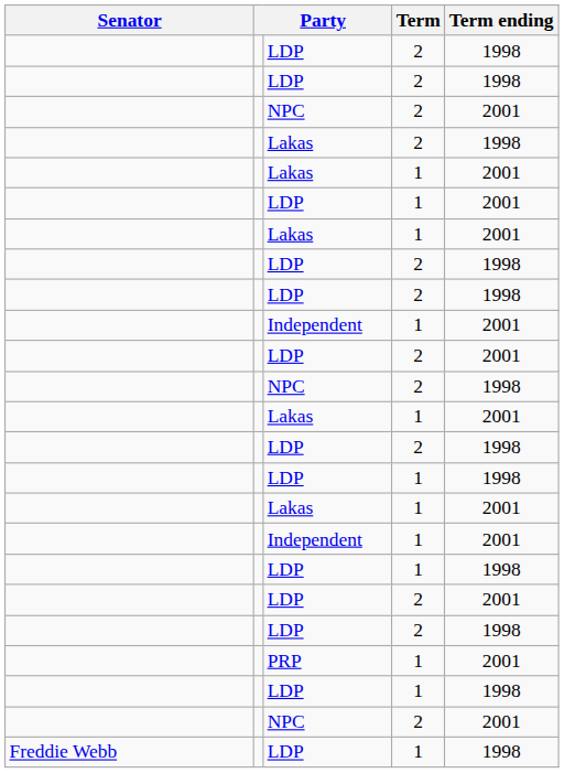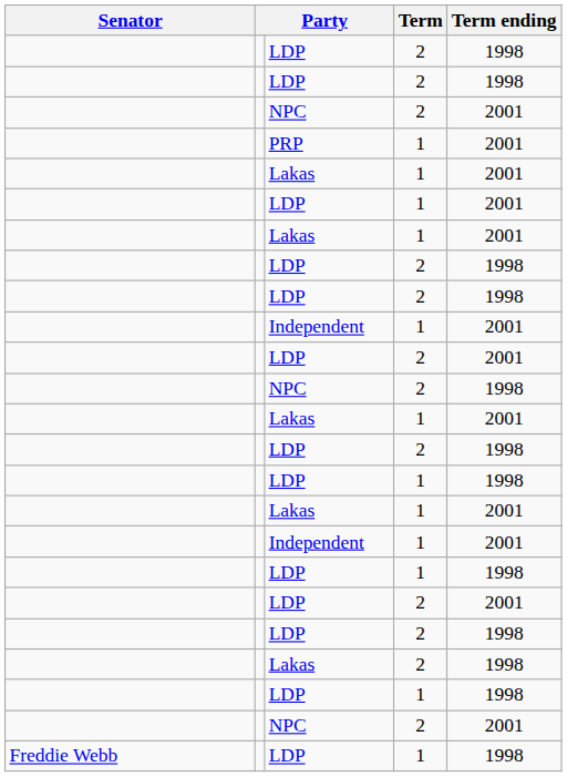 <table class="wikitable sortable">
 <tr>
 <th width="200px"><a href='#'>Senator</a></th>
 <th colspan="2"><a href='#'>Party</a></th>
 <th>Term</th>
 <th>Term ending</th>
 </tr>
 <tr>
 <td></td>
 <td></td>
 <td width="100px"><a href='#'>LDP</a></td>
 <td align="center">2</td>
 <td align="center">1998</td>
 </tr>
 <tr>
 <td></td>
 <td></td>
 <td><a href='#'>LDP</a></td>
 <td align="center">2</td>
 <td align="center">1998</td>
 </tr>
 <tr>
 <td></td>
 <td></td>
 <td><a href='#'>NPC</a></td>
 <td align="center">2</td>
 <td align="center">2001</td>
 </tr>
 <tr>
 <td></td>
 <td></td>
-<td><a href='#'>Lakas</a></td>
-<td align="center">2</td>
-<td align="center">1998</td>
+<td><a href='#'>PRP</a></td>
+<td align="center">1</td>
+<td align="center">2001</td>
 </tr>
 <tr>
 <td></td>
 <td></td>
 <td><a href='#'>Lakas</a></td>
 <td align="center">1</td>
 <td align="center">2001</td>
 </tr>
 <tr>
 <td></td>
 <td></td>
 <td><a href='#'>LDP</a></td>
 <td align="center">1</td>
 <td align="center">2001</td>
 </tr>
 <tr>
 <td></td>
 <td></td>
 <td><a href='#'>Lakas</a></td>
 <td align="center">1</td>
 <td align="center">2001</td>
 </tr>
 <tr>
 <td></td>
 <td></td>
 <td><a href='#'>LDP</a></td>
 <td align="center">2</td>
 <td align="center">1998</td>
 </tr>
 <tr>
 <td></td>
 <td></td>
 <td><a href='#'>LDP</a></td>
 <td align="center">2</td>
 <td align="center">1998</td>
 </tr>
 <tr>
 <td></td>
 <td></td>
 <td><a href='#'>Independent</a></td>
 <td align="center">1</td>
 <td align="center">2001</td>
 </tr>
 <tr>
 <td></td>
 <td></td>
 <td><a href='#'>LDP</a></td>
 <td align="center">2</td>
 <td align="center">2001</td>
 </tr>
 <tr>
 <td></td>
 <td></td>
 <td><a href='#'>NPC</a></td>
 <td align="center">2</td>
 <td align="center">1998</td>
 </tr>
 <tr>
 <td></td>
 <td></td>
 <td><a href='#'>Lakas</a></td>
 <td align="center">1</td>
 <td align="center">2001</td>
 </tr>
 <tr>
 <td></td>
 <td></td>
 <td><a href='#'>LDP</a></td>
 <td align="center">2</td>
 <td align="center">1998</td>
 </tr>
 <tr>
 <td></td>
 <td></td>
 <td><a href='#'>LDP</a></td>
 <td align="center">1</td>
 <td align="center">1998</td>
 </tr>
 <tr>
 <td></td>
 <td></td>
 <td><a href='#'>Lakas</a></td>
 <td align="center">1</td>
 <td align="center">2001</td>
 </tr>
 <tr>
 <td></td>
 <td></td>
 <td><a href='#'>Independent</a></td>
 <td align="center">1</td>
 <td align="center">2001</td>
 </tr>
 <tr>
 <td></td>
 <td></td>
 <td><a href='#'>LDP</a></td>
 <td align="center">1</td>
 <td align="center">1998</td>
 </tr>
 <tr>
 <td></td>
 <td></td>
 <td><a href='#'>LDP</a></td>
 <td align="center">2</td>
 <td align="center">2001</td>
 </tr>
 <tr>
 <td></td>
 <td></td>
 <td><a href='#'>LDP</a></td>
 <td align="center">2</td>
 <td align="center">1998</td>
 </tr>
 <tr>
 <td></td>
 <td></td>
-<td><a href='#'>PRP</a></td>
-<td align="center">1</td>
-<td align="center">2001</td>
+<td><a href='#'>Lakas</a></td>
+<td align="center">2</td>
+<td align="center">1998</td>
 </tr>
 <tr>
 <td></td>
 <td></td>
 <td><a href='#'>LDP</a></td>
 <td align="center">1</td>
 <td align="center">1998</td>
 </tr>
 <tr>
 <td></td>
 <td></td>
 <td><a href='#'>NPC</a></td>
 <td align="center">2</td>
 <td align="center">2001</td>
 </tr>
 <tr>
 <td><a href='#'>Freddie Webb</a></td>
 <td></td>
 <td><a href='#'>LDP</a></td>
 <td align="center">1</td>
 <td align="center">1998</td>
 </tr>
 </table>
